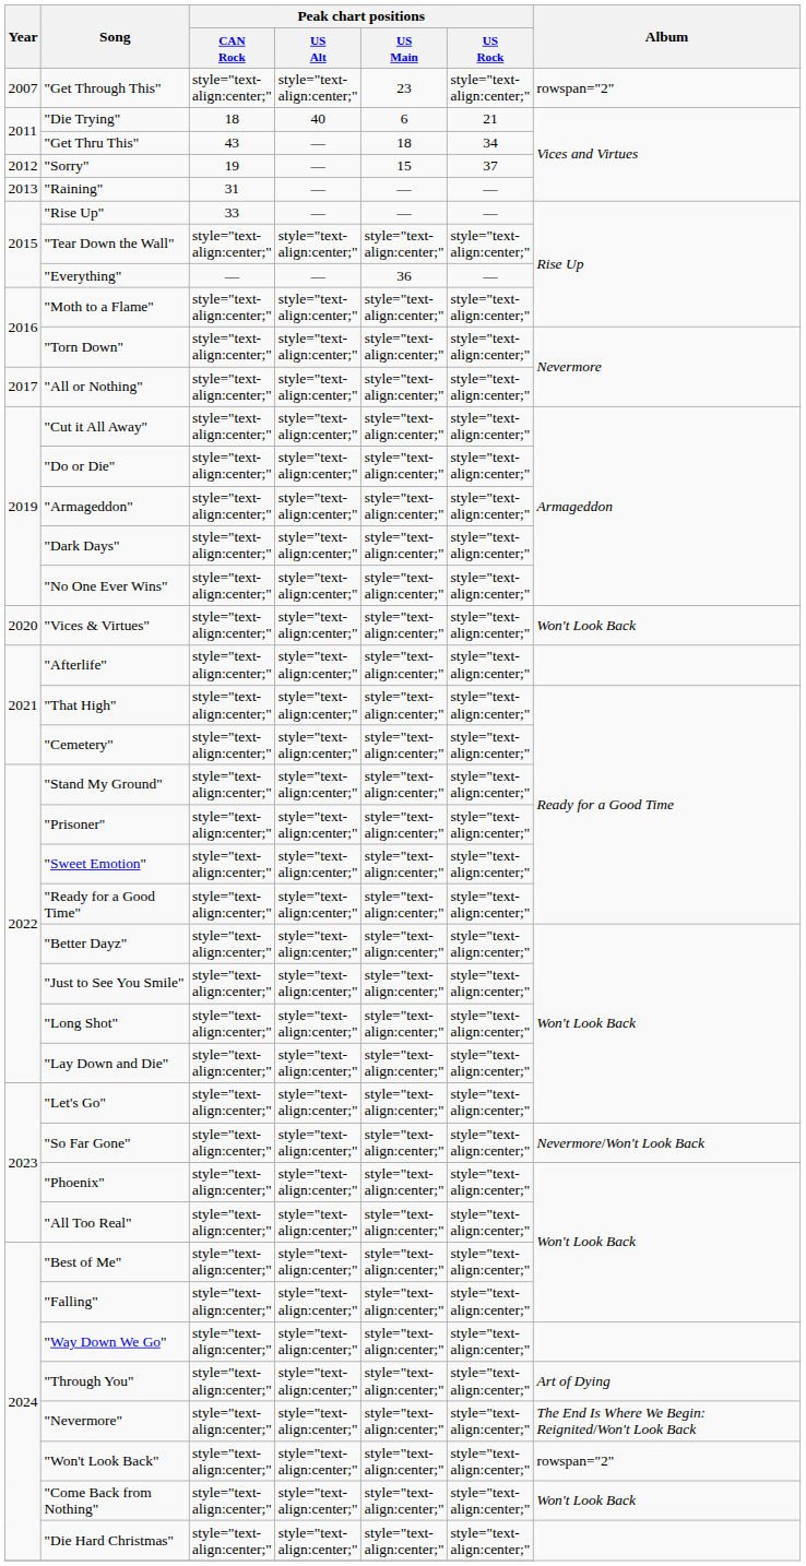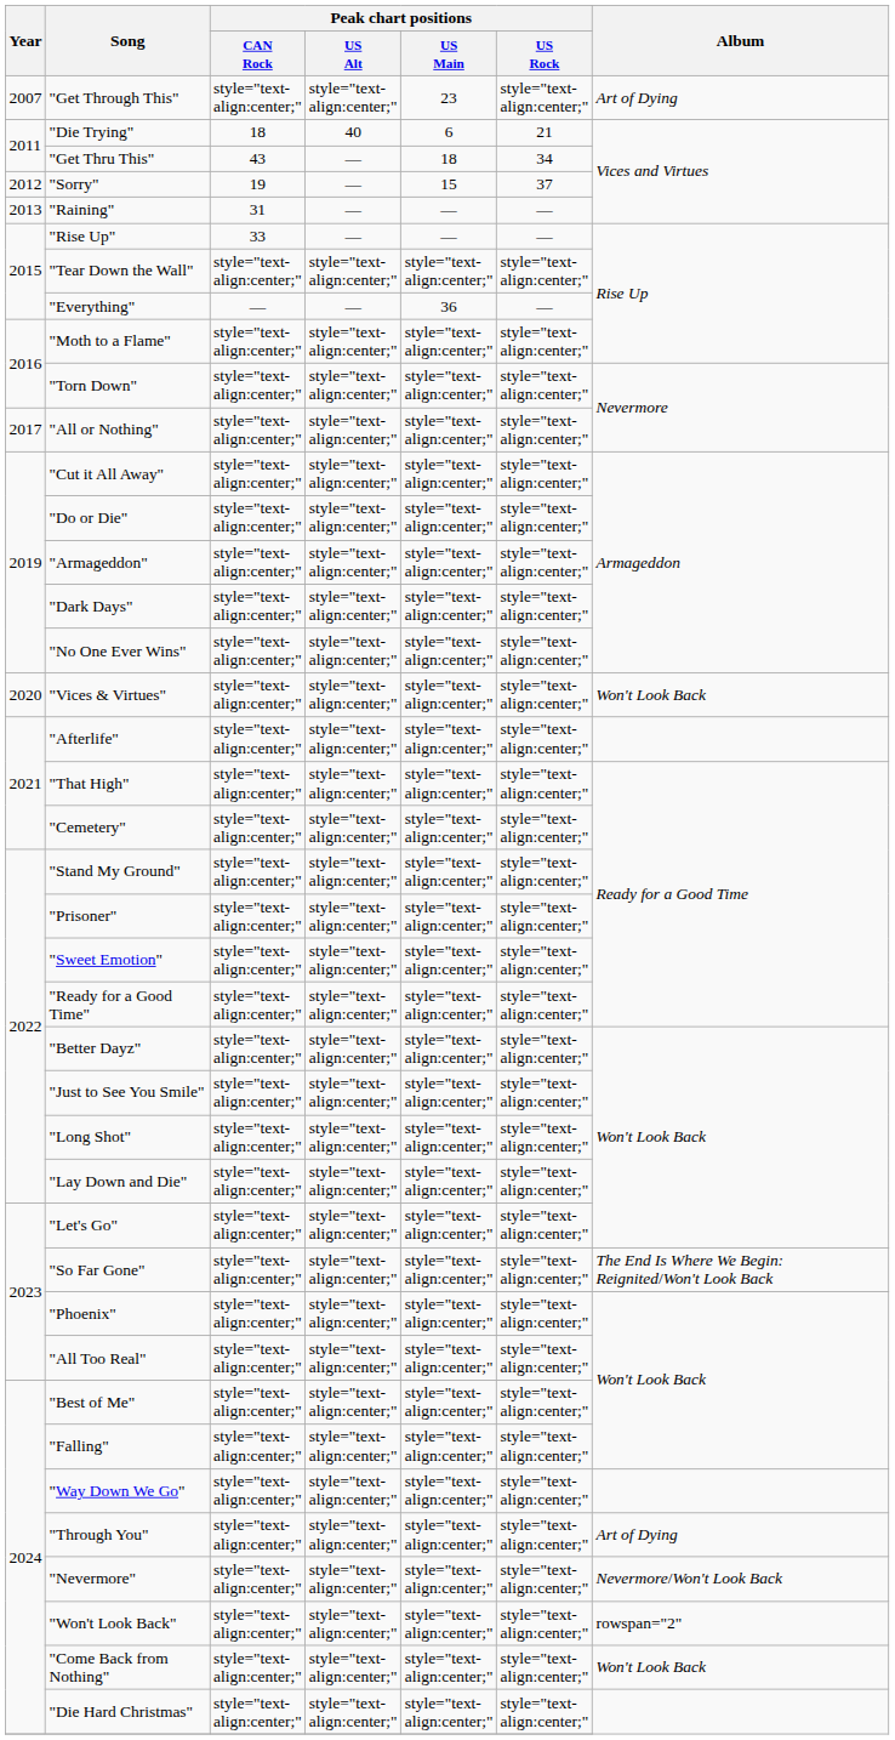 <table class="wikitable">
 <tr>
 <th rowspan="2">Year</th>
 <th rowspan="2">Song</th>
 <th colspan="4">Peak chart positions</th>
 <th rowspan="2">Album</th>
 </tr>
 <tr>
 <th style="width:30px;"><small><a href='#'>CAN<br>Rock</a><br></small></th>
 <th style="width:30px;"><small><a href='#'>US<br>Alt</a><br></small></th>
 <th style="width:30px;"><small><a href='#'>US<br>Main</a><br></small></th>
 <th style="width:30px;"><small><a href='#'>US<br>Rock</a><br></small></th>
 </tr>
 <tr>
 <td>2007</td>
 <td>"Get Through This"</td>
 <td>style="text-align:center;" </td>
 <td>style="text-align:center;" </td>
 <td style="text-align:center;">23</td>
 <td>style="text-align:center;" </td>
-<td>rowspan="2" </td>
+<td><em>Art of Dying</em></td>
 </tr>
 <tr>
 <td rowspan="2">2011</td>
 <td>"Die Trying"</td>
 <td style="text-align:center;">18</td>
 <td style="text-align:center;">40</td>
 <td style="text-align:center;">6</td>
 <td style="text-align:center;">21</td>
 <td rowspan="4"><em>Vices and Virtues</em></td>
 </tr>
 <tr>
 <td>"Get Thru This"</td>
 <td style="text-align:center;">43</td>
 <td style="text-align:center;">—</td>
 <td style="text-align:center;">18</td>
 <td style="text-align:center;">34</td>
 </tr>
 <tr>
 <td>2012</td>
 <td>"Sorry"</td>
 <td style="text-align:center;">19</td>
 <td style="text-align:center;">—</td>
 <td style="text-align:center;">15</td>
 <td style="text-align:center;">37</td>
 </tr>
 <tr>
 <td>2013</td>
 <td>"Raining"<br></td>
 <td style="text-align:center;">31</td>
 <td style="text-align:center;">—</td>
 <td style="text-align:center;">—</td>
 <td style="text-align:center;">—</td>
 </tr>
 <tr>
 <td rowspan="3">2015</td>
 <td>"Rise Up"<br></td>
 <td style="text-align:center;">33</td>
 <td style="text-align:center;">—</td>
 <td style="text-align:center;">—</td>
 <td style="text-align:center;">—</td>
 <td rowspan="4"><em>Rise Up</em></td>
 </tr>
 <tr>
 <td>"Tear Down the Wall"</td>
 <td>style="text-align:center;" </td>
 <td>style="text-align:center;" </td>
 <td>style="text-align:center;" </td>
 <td>style="text-align:center;" </td>
 </tr>
 <tr>
 <td>"Everything"</td>
 <td style="text-align:center;">—</td>
 <td style="text-align:center;">—</td>
 <td style="text-align:center;">36</td>
 <td style="text-align:center;">—</td>
 </tr>
 <tr>
 <td rowspan="2">2016</td>
 <td>"Moth to a Flame"</td>
 <td>style="text-align:center;" </td>
 <td>style="text-align:center;" </td>
 <td>style="text-align:center;" </td>
 <td>style="text-align:center;" </td>
 </tr>
 <tr>
 <td>"Torn Down"</td>
 <td>style="text-align:center;" </td>
 <td>style="text-align:center;" </td>
 <td>style="text-align:center;" </td>
 <td>style="text-align:center;" </td>
 <td rowspan="2"><em>Nevermore</em></td>
 </tr>
 <tr>
 <td>2017</td>
 <td>"All or Nothing"</td>
 <td>style="text-align:center;" </td>
 <td>style="text-align:center;" </td>
 <td>style="text-align:center;" </td>
 <td>style="text-align:center;" </td>
 </tr>
 <tr>
 <td rowspan="5">2019</td>
 <td>"Cut it All Away"</td>
 <td>style="text-align:center;" </td>
 <td>style="text-align:center;" </td>
 <td>style="text-align:center;" </td>
 <td>style="text-align:center;" </td>
 <td rowspan="5"><em>Armageddon</em></td>
 </tr>
 <tr>
 <td>"Do or Die"</td>
 <td>style="text-align:center;" </td>
 <td>style="text-align:center;" </td>
 <td>style="text-align:center;" </td>
 <td>style="text-align:center;" </td>
 </tr>
 <tr>
 <td>"Armageddon"</td>
 <td>style="text-align:center;" </td>
 <td>style="text-align:center;" </td>
 <td>style="text-align:center;" </td>
 <td>style="text-align:center;" </td>
 </tr>
 <tr>
 <td>"Dark Days"</td>
 <td>style="text-align:center;" </td>
 <td>style="text-align:center;" </td>
 <td>style="text-align:center;" </td>
 <td>style="text-align:center;" </td>
 </tr>
 <tr>
 <td>"No One Ever Wins"</td>
 <td>style="text-align:center;" </td>
 <td>style="text-align:center;" </td>
 <td>style="text-align:center;" </td>
 <td>style="text-align:center;" </td>
 </tr>
 <tr>
 <td>2020</td>
 <td>"Vices & Virtues"</td>
 <td>style="text-align:center;" </td>
 <td>style="text-align:center;" </td>
 <td>style="text-align:center;" </td>
 <td>style="text-align:center;" </td>
 <td><em>Won't Look Back</em></td>
 </tr>
 <tr>
 <td rowspan="3">2021</td>
 <td>"Afterlife"<br></td>
 <td>style="text-align:center;" </td>
 <td>style="text-align:center;" </td>
 <td>style="text-align:center;" </td>
 <td>style="text-align:center;" </td>
 <td></td>
 </tr>
 <tr>
 <td>"That High"</td>
 <td>style="text-align:center;" </td>
 <td>style="text-align:center;" </td>
 <td>style="text-align:center;" </td>
 <td>style="text-align:center;" </td>
 <td rowspan="6"><em>Ready for a Good Time</em></td>
 </tr>
 <tr>
 <td>"Cemetery"</td>
 <td>style="text-align:center;" </td>
 <td>style="text-align:center;" </td>
 <td>style="text-align:center;" </td>
 <td>style="text-align:center;" </td>
 </tr>
 <tr>
 <td rowspan="8">2022</td>
 <td>"Stand My Ground"</td>
 <td>style="text-align:center;" </td>
 <td>style="text-align:center;" </td>
 <td>style="text-align:center;" </td>
 <td>style="text-align:center;" </td>
 </tr>
 <tr>
 <td>"Prisoner"</td>
 <td>style="text-align:center;" </td>
 <td>style="text-align:center;" </td>
 <td>style="text-align:center;" </td>
 <td>style="text-align:center;" </td>
 </tr>
 <tr>
 <td>"<a href='#'>Sweet Emotion</a>"</td>
 <td>style="text-align:center;" </td>
 <td>style="text-align:center;" </td>
 <td>style="text-align:center;" </td>
 <td>style="text-align:center;" </td>
 </tr>
 <tr>
 <td>"Ready for a Good Time"</td>
 <td>style="text-align:center;" </td>
 <td>style="text-align:center;" </td>
 <td>style="text-align:center;" </td>
 <td>style="text-align:center;" </td>
 </tr>
 <tr>
 <td>"Better Dayz"</td>
 <td>style="text-align:center;" </td>
 <td>style="text-align:center;" </td>
 <td>style="text-align:center;" </td>
 <td>style="text-align:center;" </td>
 <td rowspan="5"><em>Won't Look Back</em></td>
 </tr>
 <tr>
 <td>"Just to See You Smile"</td>
 <td>style="text-align:center;" </td>
 <td>style="text-align:center;" </td>
 <td>style="text-align:center;" </td>
 <td>style="text-align:center;" </td>
 </tr>
 <tr>
 <td>"Long Shot"<br></td>
 <td>style="text-align:center;" </td>
 <td>style="text-align:center;" </td>
 <td>style="text-align:center;" </td>
 <td>style="text-align:center;" </td>
 </tr>
 <tr>
 <td>"Lay Down and Die"</td>
 <td>style="text-align:center;" </td>
 <td>style="text-align:center;" </td>
 <td>style="text-align:center;" </td>
 <td>style="text-align:center;" </td>
 </tr>
 <tr>
 <td rowspan="4">2023</td>
 <td>"Let's Go"</td>
 <td>style="text-align:center;" </td>
 <td>style="text-align:center;" </td>
 <td>style="text-align:center;" </td>
 <td>style="text-align:center;" </td>
 </tr>
 <tr>
 <td>"So Far Gone"<br></td>
 <td>style="text-align:center;" </td>
 <td>style="text-align:center;" </td>
 <td>style="text-align:center;" </td>
 <td>style="text-align:center;" </td>
-<td><em>Nevermore</em>/<em>Won't Look Back</em></td>
+<td><em>The End Is Where We Begin: Reignited</em>/<em>Won't Look Back</em></td>
 </tr>
 <tr>
 <td>"Phoenix"</td>
 <td>style="text-align:center;" </td>
 <td>style="text-align:center;" </td>
 <td>style="text-align:center;" </td>
 <td>style="text-align:center;" </td>
 <td rowspan="4"><em>Won't Look Back</em></td>
 </tr>
 <tr>
 <td>"All Too Real"</td>
 <td>style="text-align:center;" </td>
 <td>style="text-align:center;" </td>
 <td>style="text-align:center;" </td>
 <td>style="text-align:center;" </td>
 </tr>
 <tr>
 <td rowspan="8">2024</td>
 <td>"Best of Me"</td>
 <td>style="text-align:center;" </td>
 <td>style="text-align:center;" </td>
 <td>style="text-align:center;" </td>
 <td>style="text-align:center;" </td>
 </tr>
 <tr>
 <td>"Falling"</td>
 <td>style="text-align:center;" </td>
 <td>style="text-align:center;" </td>
 <td>style="text-align:center;" </td>
 <td>style="text-align:center;" </td>
 </tr>
 <tr>
 <td>"<a href='#'>Way Down We Go</a>"</td>
 <td>style="text-align:center;" </td>
 <td>style="text-align:center;" </td>
 <td>style="text-align:center;" </td>
 <td>style="text-align:center;" </td>
 <td></td>
 </tr>
 <tr>
 <td>"Through You"<br></td>
 <td>style="text-align:center;" </td>
 <td>style="text-align:center;" </td>
 <td>style="text-align:center;" </td>
 <td>style="text-align:center;" </td>
 <td><em>Art of Dying</em></td>
 </tr>
 <tr>
 <td>"Nevermore"</td>
 <td>style="text-align:center;" </td>
 <td>style="text-align:center;" </td>
 <td>style="text-align:center;" </td>
 <td>style="text-align:center;" </td>
-<td><em>The End Is Where We Begin: Reignited</em>/<em>Won't Look Back</em></td>
+<td><em>Nevermore</em>/<em>Won't Look Back</em></td>
 </tr>
 <tr>
 <td>"Won't Look Back"</td>
 <td>style="text-align:center;" </td>
 <td>style="text-align:center;" </td>
 <td>style="text-align:center;" </td>
 <td>style="text-align:center;" </td>
 <td>rowspan="2" </td>
 </tr>
 <tr>
 <td>"Come Back from Nothing"</td>
 <td>style="text-align:center;" </td>
 <td>style="text-align:center;" </td>
 <td>style="text-align:center;" </td>
 <td>style="text-align:center;" </td>
 <td><em>Won't Look Back</em></td>
 </tr>
 <tr>
 <td>"Die Hard Christmas"</td>
 <td>style="text-align:center;" </td>
 <td>style="text-align:center;" </td>
 <td>style="text-align:center;" </td>
 <td>style="text-align:center;" </td>
 </tr>
 <tr>
 </tr>
 </table>
